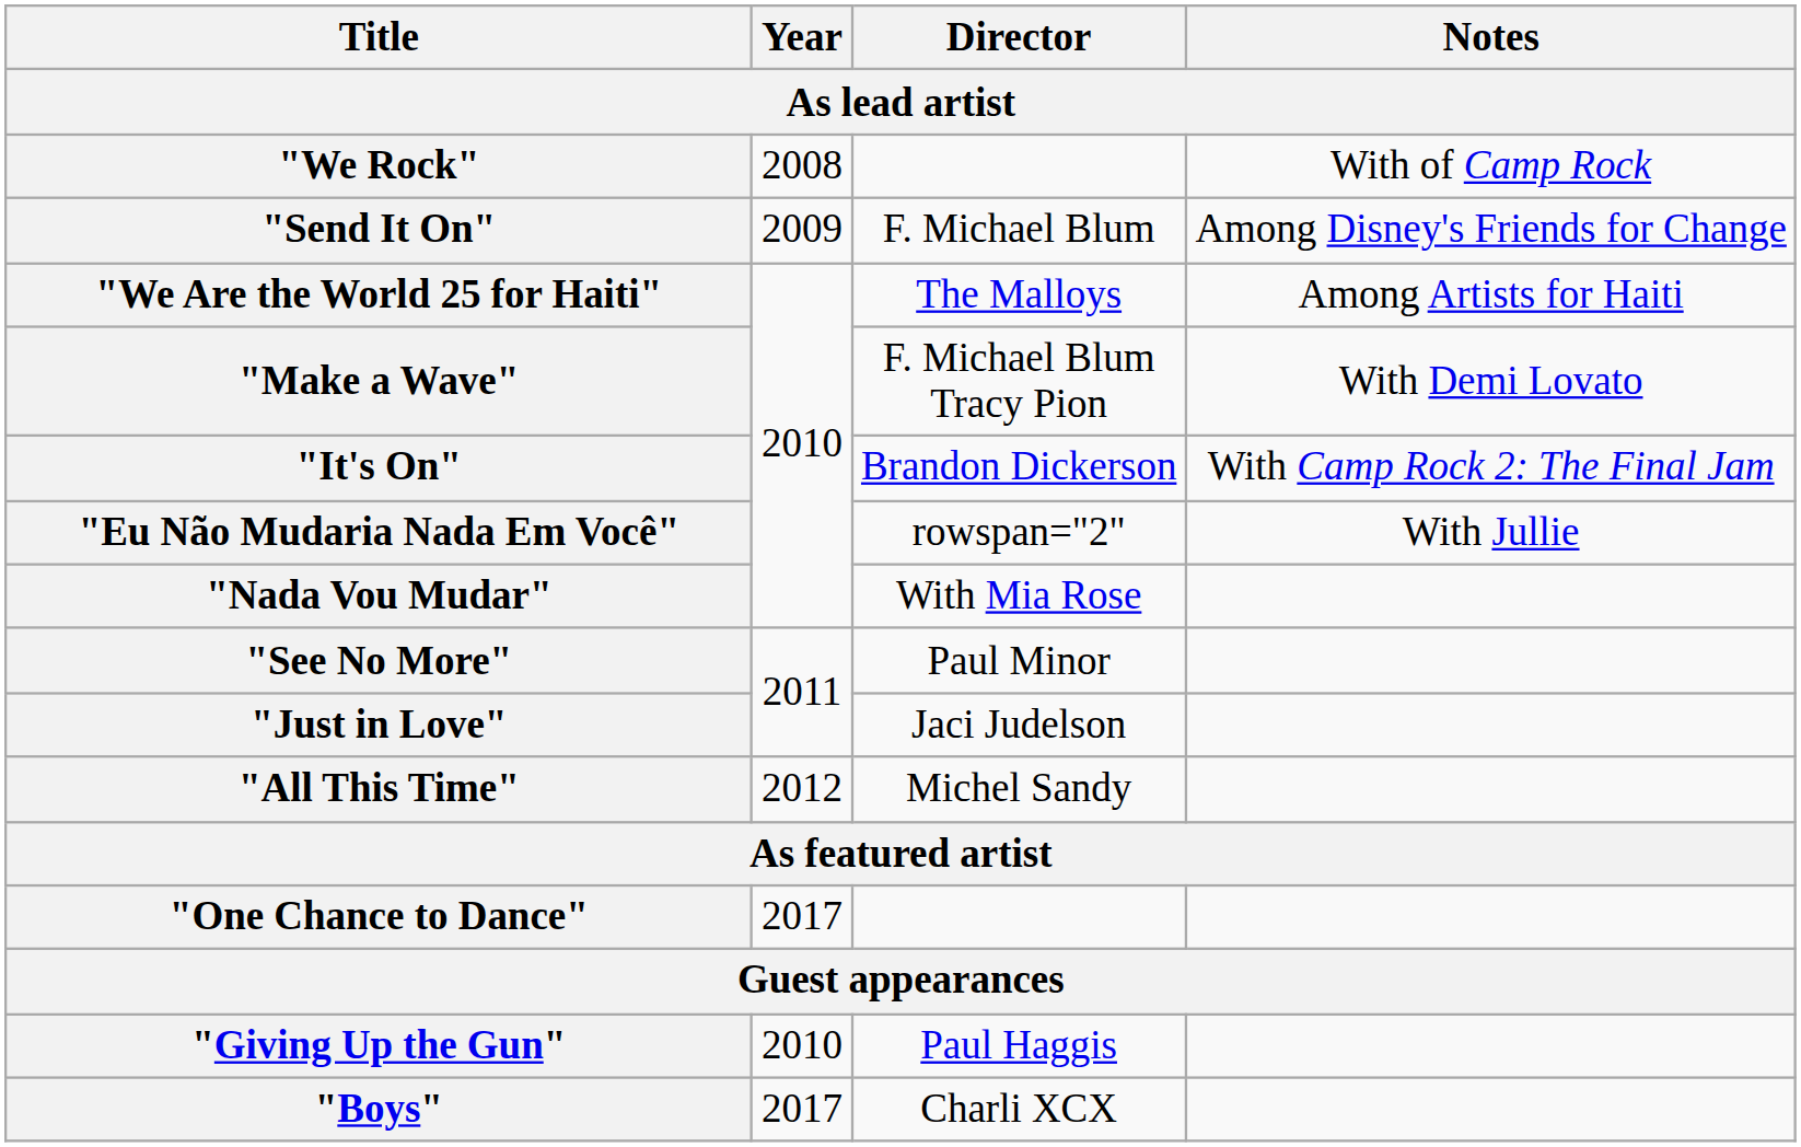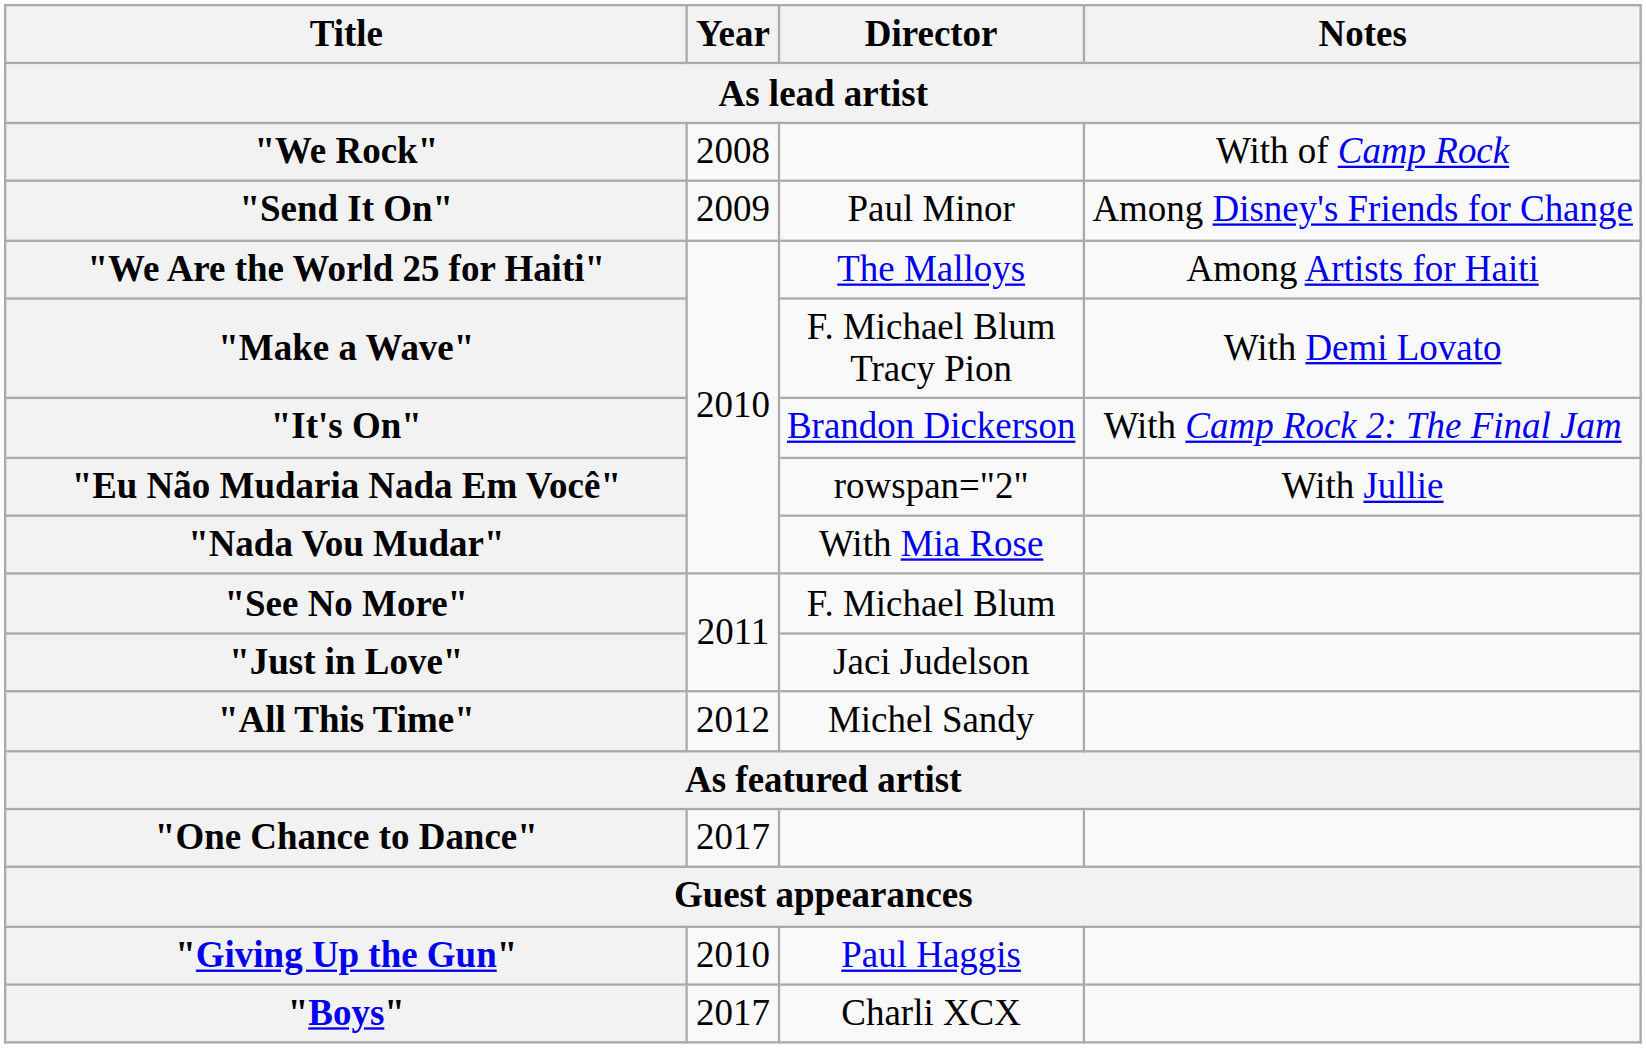 <table class="wikitable plainrowheaders" style="text-align:center;" border="1">
 <tr>
 <th scope="col" style="width:18em;">Title</th>
 <th scope="col" style="width:1em;">Year</th>
 <th scope="col">Director</th>
 <th scope="col">Notes</th>
 </tr>
 <tr>
 <th scope="col" colspan="5">As lead artist</th>
 </tr>
 <tr>
 <th scope="row">"We Rock"<br></th>
 <td>2008</td>
 <td></td>
 <td>With of <em><a href='#'>Camp Rock</a></em></td>
 </tr>
 <tr>
 <th scope="row">"Send It On"</th>
 <td>2009</td>
-<td>F. Michael Blum</td>
+<td>Paul Minor</td>
 <td>Among <a href='#'>Disney's Friends for Change</a></td>
 </tr>
 <tr>
 <th scope="row">"We Are the World 25 for Haiti"</th>
 <td rowspan="5">2010</td>
 <td><a href='#'>The Malloys</a></td>
 <td>Among <a href='#'>Artists for Haiti</a></td>
 </tr>
 <tr>
 <th scope="row">"Make a Wave"</th>
 <td>F. Michael Blum<br>Tracy Pion</td>
 <td>With <a href='#'>Demi Lovato</a></td>
 </tr>
 <tr>
 <th scope="row">"It's On"</th>
 <td><a href='#'>Brandon Dickerson</a></td>
 <td>With <em><a href='#'>Camp Rock 2: The Final Jam</a></em></td>
 </tr>
 <tr>
 <th scope="row">"Eu Não Mudaria Nada Em Você"</th>
 <td>rowspan="2" </td>
 <td>With <a href='#'>Jullie</a></td>
 </tr>
 <tr>
 <th scope="row">"Nada Vou Mudar"</th>
 <td>With <a href='#'>Mia Rose</a></td>
 </tr>
 <tr>
 <th scope="row">"See No More"</th>
 <td rowspan="2">2011</td>
-<td>Paul Minor</td>
+<td>F. Michael Blum</td>
 <td></td>
 </tr>
 <tr>
 <th scope="row">"Just in Love"</th>
 <td>Jaci Judelson</td>
 <td></td>
 </tr>
 <tr>
 <th scope="row">"All This Time"</th>
 <td>2012</td>
 <td>Michel Sandy</td>
 <td></td>
 </tr>
 <tr>
 <th scope="col" colspan="5">As featured artist</th>
 </tr>
 <tr>
 <th scope="row">"One Chance to Dance" </th>
 <td>2017</td>
 <td></td>
 <td></td>
 </tr>
 <tr>
 <th scope="col" colspan="5">Guest appearances</th>
 </tr>
 <tr>
 <th rowpsan="2" scope="row">"<a href='#'>Giving Up the Gun</a>" </th>
 <td>2010</td>
 <td><a href='#'>Paul Haggis</a></td>
 <td></td>
 </tr>
 <tr>
 <th scope="row">"<a href='#'>Boys</a>" </th>
 <td>2017</td>
 <td>Charli XCX</td>
 <td></td>
 </tr>
 </table>
